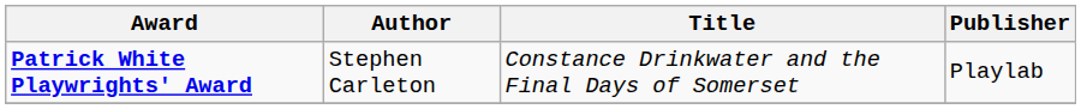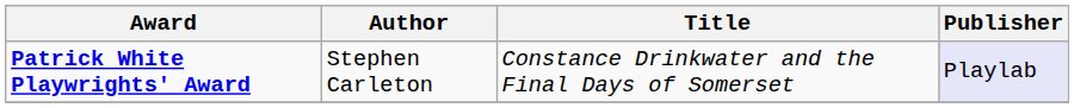 <table class="wikitable" width=100%>
 <tr>
 <th>Award</th>
 <th>Author</th>
 <th>Title</th>
 <th>Publisher</th>
 </tr>
 <tr>
 <td><strong><a href='#'>Patrick White Playwrights' Award</a></strong></td>
 <td>Stephen Carleton</td>
 <td><em>Constance Drinkwater and the Final Days of Somerset</em></td>
-<td>Playlab</td>
+<td style="background: lavender;">Playlab</td>
 </tr>
 <tr>
 </tr>
 </table>
